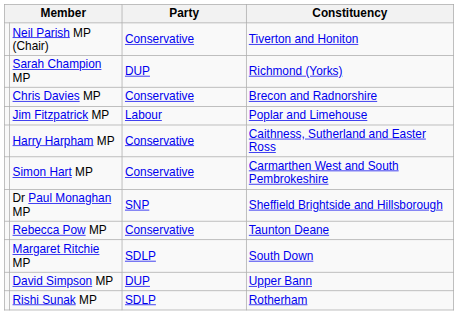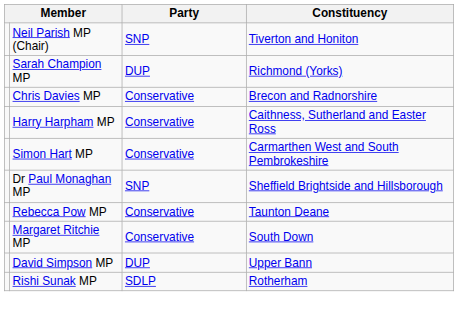 <table class="wikitable">
 <tr>
 <th colspan="2" width="160px" valign="top">Member</th>
 <th width="160px" valign="top">Party</th>
 <th valign="top">Constituency</th>
 </tr>
 <tr>
 <td style="color:inherit;background:"></td>
 <td><a href='#'>Neil Parish</a> MP (Chair)</td>
-<td><a href='#'>Conservative</a></td>
+<td><a href='#'>SNP</a></td>
 <td><a href='#'>Tiverton and Honiton</a></td>
 </tr>
 <tr>
 <td style="color:inherit;background:"></td>
 <td><a href='#'>Sarah Champion</a> MP</td>
 <td><a href='#'>DUP</a></td>
 <td><a href='#'>Richmond (Yorks)</a></td>
 </tr>
 <tr>
 <td style="color:inherit;background:"></td>
 <td><a href='#'>Chris Davies</a> MP</td>
 <td><a href='#'>Conservative</a></td>
 <td><a href='#'>Brecon and Radnorshire</a></td>
-</tr>
-<tr>
-<td style="color:inherit;background:"></td>
-<td><a href='#'>Jim Fitzpatrick</a> MP</td>
-<td><a href='#'>Labour</a></td>
-<td><a href='#'>Poplar and Limehouse</a></td>
 </tr>
 <tr>
 <td style="color:inherit;background:"></td>
 <td><a href='#'>Harry Harpham</a> MP</td>
 <td><a href='#'>Conservative</a></td>
 <td><a href='#'>Caithness, Sutherland and Easter Ross</a></td>
 </tr>
 <tr>
 <td style="color:inherit;background:"></td>
 <td><a href='#'>Simon Hart</a> MP</td>
 <td><a href='#'>Conservative</a></td>
 <td><a href='#'>Carmarthen West and South Pembrokeshire</a></td>
 </tr>
 <tr>
 <td style="color:inherit;background:"></td>
 <td>Dr <a href='#'>Paul Monaghan</a> MP</td>
 <td><a href='#'>SNP</a></td>
 <td><a href='#'>Sheffield Brightside and Hillsborough</a></td>
 </tr>
 <tr>
 <td style="color:inherit;background:"></td>
 <td><a href='#'>Rebecca Pow</a> MP</td>
 <td><a href='#'>Conservative</a></td>
 <td><a href='#'>Taunton Deane</a></td>
 </tr>
 <tr>
 <td style="color:inherit;background:"></td>
 <td><a href='#'>Margaret Ritchie</a> MP</td>
-<td><a href='#'>SDLP</a></td>
+<td><a href='#'>Conservative</a></td>
 <td><a href='#'>South Down</a></td>
 </tr>
 <tr>
 <td style="color:inherit;background:"></td>
 <td><a href='#'>David Simpson</a> MP</td>
 <td><a href='#'>DUP</a></td>
 <td><a href='#'>Upper Bann</a></td>
 </tr>
 <tr>
 <td style="color:inherit;background:"></td>
 <td><a href='#'>Rishi Sunak</a> MP</td>
 <td><a href='#'>SDLP</a></td>
 <td><a href='#'>Rotherham</a></td>
 </tr>
 </table>
